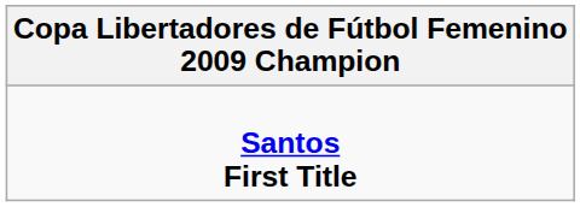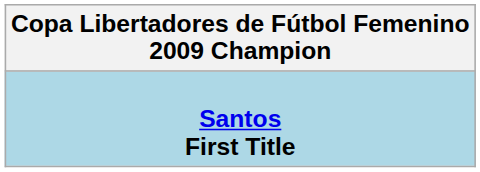 <table class="wikitable" style="text-align: center; margin: 0 auto;">
 <tr>
 <th>Copa Libertadores de Fútbol Femenino<br>2009 Champion</th>
 </tr>
 <tr>
-<td><br><strong><a href='#'>Santos</a></strong><br><strong>First Title</strong></td>
+<td style="background: lightblue;"><br><strong><a href='#'>Santos</a></strong><br><strong>First Title</strong></td>
 </tr>
 </table>
